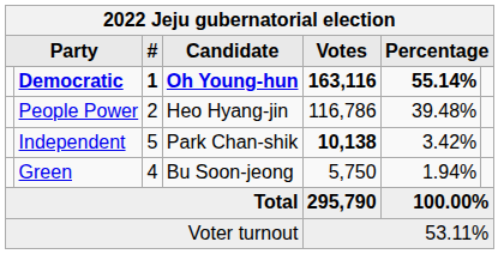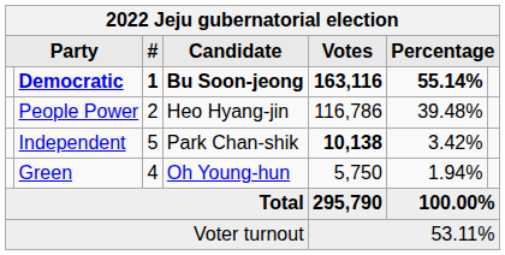 <table class="wikitable">
 <tr>
 <th colspan="7">2022 Jeju gubernatorial election</th>
 </tr>
 <tr>
 <th style="background-color:#E9E9E9" colspan=2>Party</th>
 <th style="background-color:#E9E9E9">#</th>
 <th style="background-color:#E9E9E9">Candidate</th>
 <th style="background-color:#E9E9E9">Votes</th>
 <th style="background-color:#E9E9E9" colspan=2>Percentage</th>
 </tr>
 <tr style="font-weight:bold">
 <td></td>
 <td align=left><a href='#'>Democratic</a></td>
 <td align=center>1</td>
-<td align=left><a href='#'>Oh Young-hun</a></td>
+<td align=left>Bu Soon-jeong</td>
 <td align=right>163,116</td>
 <td align=right>55.14%</td>
 <td align=right></td>
 </tr>
 <tr>
 <td></td>
 <td align=left><a href='#'>People Power</a></td>
 <td align=center>2</td>
 <td align=left>Heo Hyang-jin</td>
 <td align=right>116,786</td>
 <td align=right>39.48%</td>
 <td align=right></td>
 </tr>
 <tr>
 <td></td>
 <td align=left><a href='#'>Independent</a></td>
 <td align=center>5</td>
 <td align=left>Park Chan-shik</td>
 <td align=right><strong>10,138</strong></td>
 <td align=right>3.42%</td>
 <td align=right></td>
 </tr>
 <tr>
 <td></td>
 <td align=left><a href='#'>Green</a></td>
 <td align=center>4</td>
-<td align=left>Bu Soon-jeong</td>
+<td align=left><a href='#'>Oh Young-hun</a></td>
 <td align=right>5,750</td>
 <td align=right>1.94%</td>
 <td align=right></td>
 </tr>
 <tr bgcolor="#EEEEEE" style="font-weight:bold">
 <td colspan="4" align=right>Total</td>
 <td align=right>295,790</td>
 <td align=right colspan=2>100.00%</td>
 </tr>
 <tr bgcolor="#EEEEEE">
 <td colspan="4" align="right">Voter turnout</td>
 <td colspan="3" align="right">53.11%</td>
 </tr>
 </table>
